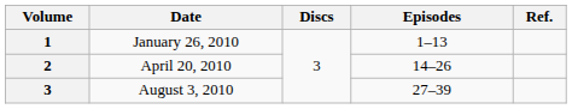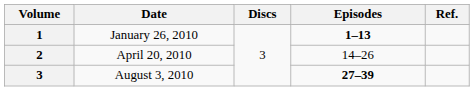 <table class="wikitable" style="text-align:center;">
 <tr>
 <th scope="col" style="width:5em;">Volume</th>
 <th scope="col" style="width:12em;">Date</th>
 <th scope="col" style="width:4em;">Discs</th>
 <th scope="col" style="width:10em;">Episodes</th>
 <th scope="col" style="width:3em;">Ref.</th>
 </tr>
 <tr>
 <th scope="row">1</th>
 <td>January 26, 2010</td>
 <td rowspan="3">3</td>
-<td>1–13</td>
+<td><strong>1–13</strong></td>
 <td></td>
 </tr>
 <tr>
 <th scope="row">2</th>
 <td>April 20, 2010</td>
 <td>14–26</td>
 <td></td>
 </tr>
 <tr>
 <th scope="row">3</th>
 <td>August 3, 2010</td>
-<td>27–39</td>
+<td><strong>27–39</strong></td>
 <td></td>
 </tr>
 </table>
